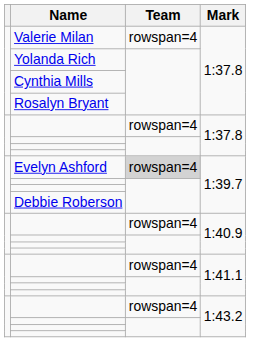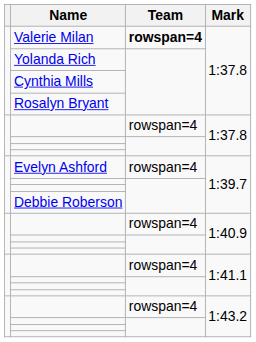 <table class=wikitable>
 <tr>
 <th></th>
 <th>Name</th>
 <th>Team</th>
 <th>Mark</th>
 </tr>
 <tr>
 <td rowspan=4></td>
 <td><a href='#'>Valerie Milan</a></td>
-<td>rowspan=4 </td>
+<td><strong>rowspan=4 </strong></td>
 <td rowspan=4>1:37.8</td>
 </tr>
 <tr>
 <td><a href='#'>Yolanda Rich</a></td>
 </tr>
 <tr>
 <td><a href='#'>Cynthia Mills</a></td>
 </tr>
 <tr>
 <td><a href='#'>Rosalyn Bryant</a></td>
 </tr>
 <tr>
 <td rowspan=4></td>
 <td></td>
 <td>rowspan=4 </td>
 <td rowspan=4>1:37.8</td>
 </tr>
 <tr>
 <td></td>
 </tr>
 <tr>
 <td></td>
 </tr>
 <tr>
 <td></td>
 </tr>
 <tr>
 <td rowspan=4></td>
 <td><a href='#'>Evelyn Ashford</a></td>
-<td style="background: lightgrey;">rowspan=4 </td>
+<td>rowspan=4 </td>
 <td rowspan=4>1:39.7</td>
 </tr>
 <tr>
 <td></td>
 </tr>
 <tr>
 <td></td>
 </tr>
 <tr>
 <td><a href='#'>Debbie Roberson</a></td>
 </tr>
 <tr>
 <td rowspan=4></td>
 <td></td>
 <td>rowspan=4 </td>
 <td rowspan=4>1:40.9</td>
 </tr>
 <tr>
 <td></td>
 </tr>
 <tr>
 <td></td>
 </tr>
 <tr>
 <td></td>
 </tr>
 <tr>
 <td rowspan=4></td>
 <td></td>
 <td>rowspan=4 </td>
 <td rowspan=4>1:41.1</td>
 </tr>
 <tr>
 <td></td>
 </tr>
 <tr>
 <td></td>
 </tr>
 <tr>
 <td></td>
 </tr>
 <tr>
 <td rowspan=4></td>
 <td></td>
 <td>rowspan=4 </td>
 <td rowspan=4>1:43.2</td>
 </tr>
 <tr>
 <td></td>
 </tr>
 <tr>
 <td></td>
 </tr>
 <tr>
 <td></td>
 </tr>
 </table>
